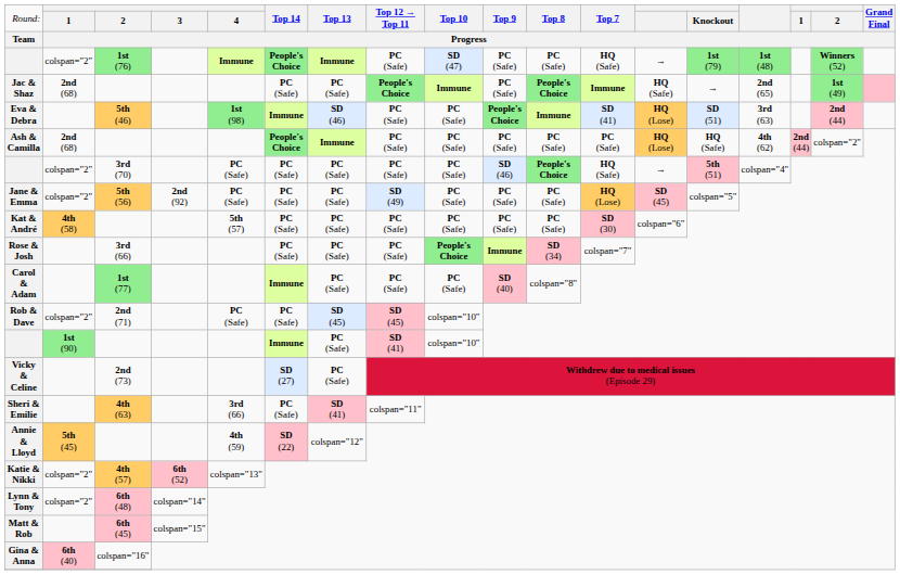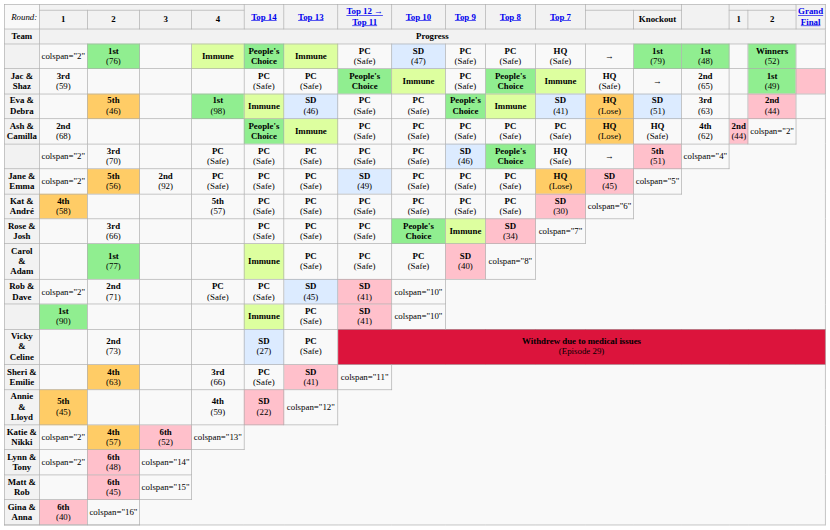 <table class="wikitable" style="width:100%; text-align:center; font-size: 85%; line-height:16px;">
 <tr>
 <td style="width:5%; text-align:right;" rowspan="2"><em>Round:</em></td>
 <th colspan="4"><a href='#'></a></th>
 <th rowspan="2" style="width:8%;"><a href='#'>Top 14</a></th>
 <th rowspan="2" style="width:8%;"><a href='#'>Top 13</a></th>
 <th rowspan="2" style="width:8%;"><a href='#'>Top 12 → Top 11</a></th>
 <th rowspan="2" style="width:8%;"><a href='#'>Top 10</a></th>
 <th rowspan="2" style="width:8%;"><a href='#'>Top 9</a></th>
 <th rowspan="2" style="width:8%;"><a href='#'>Top 8</a></th>
 <th rowspan="2" style="width:8%;"><a href='#'>Top 7</a></th>
 <th colspan="2" style="width:8%;"><a href='#'></a></th>
 <th rowspan="2" style="width:8%;"><a href='#'></a></th>
 <th colspan="2" style="width:8%;"><a href='#'></a></th>
 <th rowspan="2" style="width:8%;"><a href='#'>Grand Final</a></th>
 </tr>
 <tr>
 <th style="width:6%;">1</th>
 <th style="width:6%;">2</th>
 <th style="width:6%;">3</th>
 <th style="width:6%;">4</th>
 <th style="width:6%;"></th>
 <th style="width:6%;">Knockout</th>
 <th style="width:6%;">1</th>
 <th style="width:6%;">2</th>
 </tr>
 <tr>
 <th>Team</th>
 <th colspan="17">Progress</th>
 </tr>
 <tr>
 <th></th>
 <td>colspan="2" </td>
 <td style="background:lightgreen;"><strong>1st</strong><br>(76)</td>
 <td></td>
 <td bgcolor="DDFF9F"><strong>Immune</strong></td>
 <td bgcolor="lightgreen"><strong>People's<br>Choice</strong></td>
 <td bgcolor="DDFF9F"><strong>Immune</strong></td>
 <td><strong>PC</strong><br>(Safe)</td>
 <td bgcolor="#DCEBFF"><strong>SD</strong><br>(47)</td>
 <td><strong>PC</strong><br>(Safe)</td>
 <td><strong>PC</strong><br>(Safe)</td>
 <td><strong>HQ</strong><br>(Safe)</td>
 <td>→</td>
 <td bgcolor="lightgreen"><strong>1st</strong><br>(79)</td>
 <td style="background:lightgreen;"><strong>1st</strong><br>(48)</td>
 <td></td>
 <td style=background:lightgreen><strong>Winners</strong> <br>(52)</td>
 </tr>
 <tr>
 <th>Jac & Shaz</th>
-<td><strong>2nd</strong><br>(68)</td>
+<td><strong>3rd</strong><br>(59)</td>
 <td></td>
 <td></td>
 <td></td>
 <td><strong>PC</strong><br>(Safe)</td>
 <td><strong>PC</strong><br>(Safe)</td>
 <td bgcolor="lightgreen"><strong>People's<br>Choice</strong></td>
 <td bgcolor="DDFF9F"><strong>Immune</strong></td>
 <td><strong>PC</strong><br>(Safe)</td>
 <td bgcolor="lightgreen"><strong>People's<br>Choice</strong></td>
 <td bgcolor="DDFF9F"><strong>Immune</strong></td>
 <td><strong>HQ</strong><br>(Safe)</td>
 <td>→</td>
 <td><strong>2nd</strong><br>(65)</td>
 <td></td>
 <td bgcolor="lightgreen"><strong>1st</strong><br>(49)</td>
 <td style=background:pink></td>
 </tr>
 <tr>
 <th>Eva & Debra</th>
 <td></td>
 <td bgcolor="FFCC66"><strong>5th</strong><br>(46)</td>
 <td></td>
 <td bgcolor="lightgreen"><strong>1st</strong><br>(98)</td>
 <td bgcolor="DDFF9F"><strong>Immune</strong></td>
 <td bgcolor="#DCEBFF"><strong>SD</strong><br>(46)</td>
 <td><strong>PC</strong><br>(Safe)</td>
 <td><strong>PC</strong><br>(Safe)</td>
 <td bgcolor="lightgreen"><strong>People's<br>Choice</strong></td>
 <td bgcolor="DDFF9F"><strong>Immune</strong></td>
 <td bgcolor="#DCEBFF"><strong>SD</strong><br>(41)</td>
 <td bgcolor="FFCC66"><strong>HQ</strong><br>(Lose)</td>
 <td bgcolor="#DCEBFF"><strong>SD</strong><br>(51)</td>
 <td><strong>3rd</strong><br>(63)</td>
 <td></td>
 <td style=background:pink><strong>2nd</strong><br>(44)</td>
 <td></td>
 </tr>
 <tr>
 <th>Ash & Camilla</th>
 <td><strong>2nd</strong><br>(68)</td>
 <td></td>
 <td></td>
 <td></td>
 <td bgcolor="lightgreen"><strong>People's<br>Choice</strong></td>
 <td bgcolor="DDFF9F"><strong>Immune</strong></td>
 <td><strong>PC</strong><br>(Safe)</td>
 <td><strong>PC</strong><br>(Safe)</td>
 <td><strong>PC</strong><br>(Safe)</td>
 <td><strong>PC</strong><br>(Safe)</td>
 <td><strong>PC</strong><br>(Safe)</td>
 <td bgcolor="FFCC66"><strong>HQ</strong><br>(Lose)</td>
 <td><strong>HQ</strong><br>(Safe)</td>
 <td><strong>4th</strong><br>(62)</td>
 <td style=background:pink><strong>2nd</strong><br>(44)</td>
 <td>colspan="2" </td>
 </tr>
 <tr>
 <th></th>
 <td>colspan="2" </td>
 <td><strong>3rd</strong><br>(70)</td>
 <td></td>
 <td><strong>PC</strong><br>(Safe)</td>
 <td><strong>PC</strong><br>(Safe)</td>
 <td><strong>PC</strong><br>(Safe)</td>
 <td><strong>PC</strong><br>(Safe)</td>
 <td><strong>PC</strong><br>(Safe)</td>
 <td bgcolor="#DCEBFF"><strong>SD</strong><br>(46)</td>
 <td bgcolor="lightgreen"><strong>People's<br>Choice</strong></td>
 <td><strong>HQ</strong><br>(Safe)</td>
 <td>→</td>
 <td bgcolor="pink"><strong>5th</strong><br>(51)</td>
 <td>colspan="4" </td>
 </tr>
 <tr>
 <th>Jane & Emma</th>
 <td>colspan="2" </td>
 <td bgcolor="FFCC66"><strong>5th</strong><br>(56)</td>
 <td><strong>2nd</strong><br>(92)</td>
 <td><strong>PC</strong><br>(Safe)</td>
 <td><strong>PC</strong><br>(Safe)</td>
 <td><strong>PC</strong><br>(Safe)</td>
 <td bgcolor="#DCEBFF"><strong>SD</strong><br>(49)</td>
 <td><strong>PC</strong><br>(Safe)</td>
 <td><strong>PC</strong><br>(Safe)</td>
 <td><strong>PC</strong><br>(Safe)</td>
 <td bgcolor="FFCC66"><strong>HQ</strong><br>(Lose)</td>
 <td bgcolor="pink"><strong>SD</strong><br>(45)</td>
 <td>colspan="5" </td>
 </tr>
 <tr>
 <th>Kat & André</th>
 <td bgcolor="FFCC66"><strong>4th</strong><br>(58)</td>
 <td></td>
 <td></td>
 <td><strong>5th</strong><br>(57)</td>
 <td><strong>PC</strong><br>(Safe)</td>
 <td><strong>PC</strong><br>(Safe)</td>
 <td><strong>PC</strong><br>(Safe)</td>
 <td><strong>PC</strong><br>(Safe)</td>
 <td><strong>PC</strong><br>(Safe)</td>
 <td><strong>PC</strong><br>(Safe)</td>
 <td bgcolor="pink"><strong>SD</strong><br>(30)</td>
 <td>colspan="6" </td>
 </tr>
 <tr>
 <th>Rose & Josh</th>
 <td></td>
 <td><strong>3rd</strong><br>(66)</td>
 <td></td>
 <td></td>
 <td><strong>PC</strong><br>(Safe)</td>
 <td><strong>PC</strong><br>(Safe)</td>
 <td><strong>PC</strong><br>(Safe)</td>
 <td bgcolor="lightgreen"><strong>People's<br>Choice</strong></td>
 <td bgcolor="DDFF9F"><strong>Immune</strong></td>
 <td bgcolor="pink"><strong>SD</strong><br>(34)</td>
 <td>colspan="7" </td>
 </tr>
 <tr>
 <th>Carol & Adam</th>
 <td></td>
 <td bgcolor="lightgreen"><strong>1st</strong><br>(77)</td>
 <td></td>
 <td></td>
 <td bgcolor="DDFF9F"><strong>Immune</strong></td>
 <td><strong>PC</strong><br>(Safe)</td>
 <td><strong>PC</strong><br>(Safe)</td>
 <td><strong>PC</strong><br>(Safe)</td>
 <td bgcolor="pink"><strong>SD</strong><br>(40)</td>
 <td>colspan="8" </td>
 </tr>
 <tr>
 <th>Rob & Dave</th>
 <td>colspan="2" </td>
 <td><strong>2nd</strong><br>(71)</td>
 <td></td>
 <td><strong>PC</strong><br>(Safe)</td>
 <td><strong>PC</strong><br>(Safe)</td>
 <td bgcolor="#DCEBFF"><strong>SD</strong><br>(45)</td>
-<td bgcolor="pink"><strong>SD</strong><br>(45)</td>
+<td bgcolor="pink"><strong>SD</strong><br>(41)</td>
 <td>colspan="10" </td>
 </tr>
 <tr>
 <th></th>
 <td bgcolor="lightgreen"><strong>1st</strong><br>(90)</td>
 <td></td>
 <td></td>
 <td></td>
 <td bgcolor="DDFF9F"><strong>Immune</strong></td>
 <td><strong>PC</strong><br>(Safe)</td>
 <td bgcolor="pink"><strong>SD</strong><br>(41)</td>
 <td>colspan="10" </td>
 </tr>
 <tr>
 <th>Vicky & Celine</th>
 <td></td>
 <td><strong>2nd</strong><br>(73)</td>
 <td></td>
 <td></td>
 <td bgcolor="#DCEBFF"><strong>SD</strong><br>(27)</td>
 <td><strong>PC</strong><br>(Safe)</td>
 <td colspan="20" style="background:crimson;"><span><strong>Withdrew due to medical issues</strong><br> (Episode 29)</span></td>
 </tr>
 <tr>
 <th>Sheri & Emilie</th>
 <td></td>
 <td bgcolor="FFCC66"><strong>4th</strong><br>(63)</td>
 <td></td>
 <td><strong>3rd</strong><br>(66)</td>
 <td><strong>PC</strong><br>(Safe)</td>
 <td bgcolor="pink"><strong>SD</strong><br>(41)</td>
 <td>colspan="11" </td>
 </tr>
 <tr>
 <th>Annie & Lloyd</th>
 <td bgcolor="FFCC66"><strong>5th</strong><br>(45)</td>
 <td></td>
 <td></td>
 <td><strong>4th</strong><br>(59)</td>
 <td bgcolor="pink"><strong>SD</strong><br>(22)</td>
 <td>colspan="12" </td>
 </tr>
 <tr>
 <th>Katie  & Nikki</th>
 <td>colspan="2" </td>
 <td bgcolor="FFCC66"><strong>4th</strong><br>(57)</td>
 <td bgcolor="pink"><strong>6th</strong><br>(52)</td>
 <td>colspan="13" </td>
 </tr>
 <tr>
 <th>Lynn & Tony</th>
 <td>colspan="2" </td>
 <td bgcolor="pink"><strong>6th</strong><br>(48)</td>
 <td>colspan="14" </td>
 </tr>
 <tr>
 <th>Matt & Rob</th>
 <td></td>
 <td bgcolor="pink"><strong>6th</strong><br>(45)</td>
 <td>colspan="15" </td>
 </tr>
 <tr>
 <th>Gina & Anna</th>
 <td bgcolor="pink"><strong>6th</strong><br>(40)</td>
 <td>colspan="16" </td>
 </tr>
 <tr>
 </tr>
 </table>
